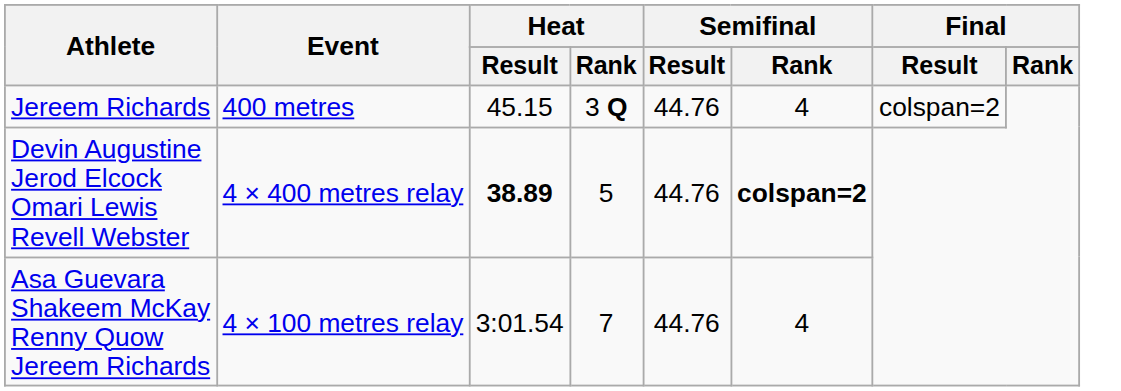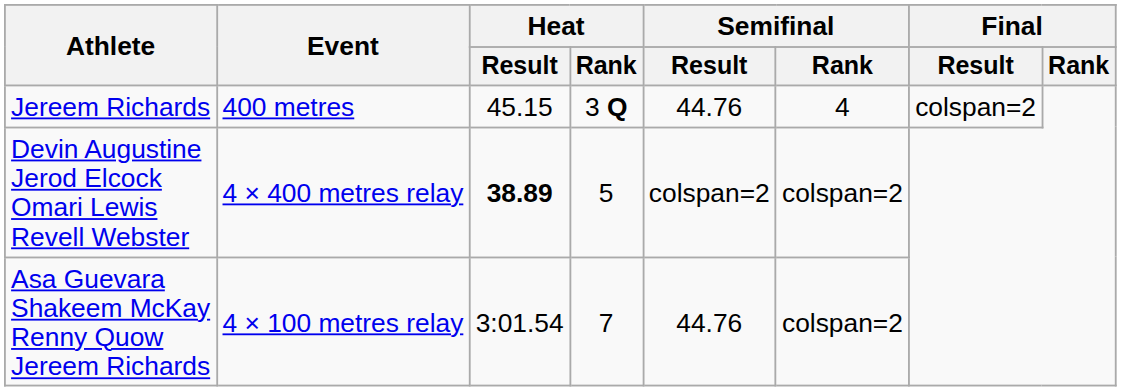 <table class="wikitable" style="font-size:90%">
 <tr>
 <th rowspan="2">Athlete</th>
 <th rowspan="2">Event</th>
 <th colspan="2">Heat</th>
 <th colspan="2">Semifinal</th>
 <th colspan="2">Final</th>
 </tr>
 <tr style="font-size:95%">
 <th>Result</th>
 <th>Rank</th>
 <th>Result</th>
 <th>Rank</th>
 <th>Result</th>
 <th>Rank</th>
 </tr>
 <tr style=text-align:center>
 <td style=text-align:left><a href='#'>Jereem Richards</a></td>
 <td style=text-align:left><a href='#'>400 metres</a></td>
 <td>45.15</td>
 <td>3 <strong>Q</strong></td>
 <td>44.76</td>
 <td>4</td>
 <td>colspan=2 </td>
 </tr>
 <tr style=text-align:center>
 <td style=text-align:left><a href='#'>Devin Augustine</a><br><a href='#'>Jerod Elcock</a><br><a href='#'>Omari Lewis</a><br><a href='#'>Revell Webster</a></td>
 <td style=text-align:left><a href='#'>4 × 400 metres relay</a></td>
 <td><strong>38.89</strong></td>
 <td>5</td>
-<td>44.76</td>
-<td><strong>colspan=2 </strong></td>
+<td>colspan=2 </td>
+<td>colspan=2 </td>
 </tr>
 <tr style=text-align:center>
 <td style=text-align:left><a href='#'>Asa Guevara</a><br><a href='#'>Shakeem McKay</a><br><a href='#'>Renny Quow</a><br><a href='#'>Jereem Richards</a></td>
 <td style=text-align:left><a href='#'>4 × 100 metres relay</a></td>
 <td>3:01.54 </td>
 <td>7</td>
 <td>44.76</td>
-<td>4</td>
+<td>colspan=2 </td>
 </tr>
 </table>
